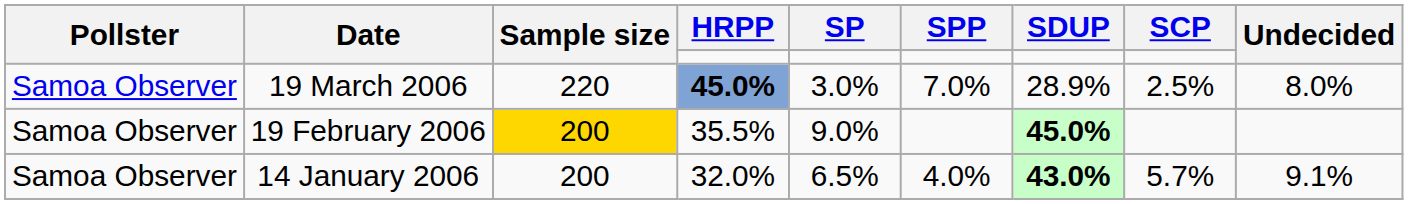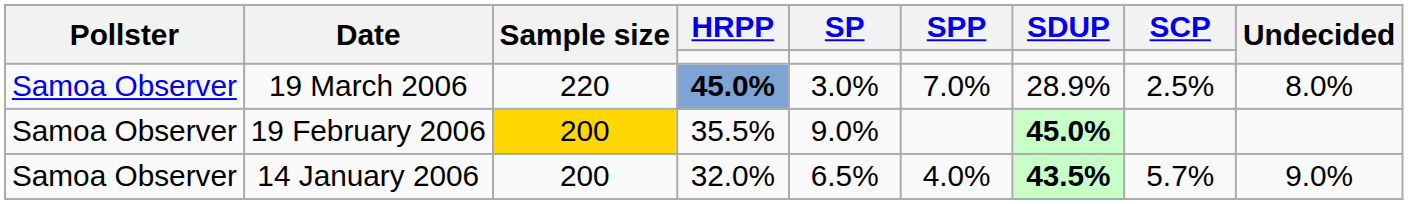 <table class="wikitable" style="text-align:center; font-size:95%; line-height:16px;">
 <tr>
 <th rowspan=2>Pollster</th>
 <th rowspan=2>Date</th>
 <th rowspan=2>Sample size</th>
 <th style="width:50px;"><a href='#'>HRPP</a></th>
 <th style="width:50px;"><a href='#'>SP</a></th>
 <th style="width:50px;"><a href='#'>SPP</a></th>
 <th style="width:50px;"><a href='#'>SDUP</a></th>
 <th style="width:50px;"><a href='#'>SCP</a></th>
 <th rowspan=2 style="width:50px;">Undecided</th>
 </tr>
 <tr>
 <td style="background:"></td>
 <td style="background:"></td>
 <td style="background:"></td>
 <td style="background:"></td>
 <td style="background:"></td>
 </tr>
 <tr>
 <td><a href='#'>Samoa Observer</a></td>
 <td>19 March 2006</td>
 <td>220</td>
 <td style="background:#80A3D5;"><strong>45.0%</strong></td>
 <td>3.0%</td>
 <td>7.0%</td>
 <td>28.9%</td>
 <td>2.5%</td>
 <td>8.0%</td>
 </tr>
 <tr>
 <td>Samoa Observer</td>
 <td>19 February 2006</td>
 <td style="background: gold;">200</td>
 <td>35.5%</td>
 <td>9.0%</td>
 <td></td>
 <td style="background:#C8FFC8;"><strong>45.0%</strong></td>
 <td></td>
 <td></td>
 </tr>
 <tr>
 <td>Samoa Observer</td>
 <td>14 January 2006</td>
 <td>200</td>
 <td>32.0%</td>
 <td>6.5%</td>
 <td>4.0%</td>
-<td style="background:#C8FFC8;"><strong>43.0%</strong></td>
+<td style="background:#C8FFC8;"><strong>43.5%</strong></td>
 <td>5.7%</td>
-<td>9.1%</td>
+<td>9.0%</td>
 </tr>
 </table>
